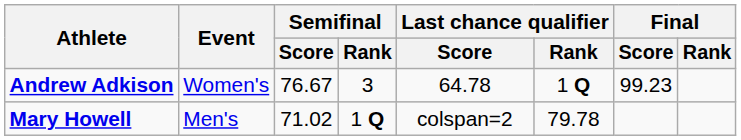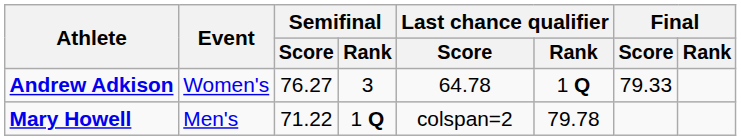 <table class=wikitable style=font-size:90%;text-align:center>
 <tr>
 <th rowspan=2>Athlete</th>
 <th rowspan=2>Event</th>
 <th colspan=2>Semifinal</th>
 <th colspan=2>Last chance qualifier</th>
 <th colspan=2>Final</th>
 </tr>
 <tr style=font-size:95%>
 <th>Score</th>
 <th>Rank</th>
 <th>Score</th>
 <th>Rank</th>
 <th>Score</th>
 <th>Rank</th>
 </tr>
 <tr>
 <td align=left><strong><a href='#'>Andrew Adkison</a></strong></td>
 <td align=left><a href='#'>Women's</a></td>
-<td>76.67</td>
+<td>76.27</td>
 <td>3</td>
 <td>64.78</td>
 <td>1 <strong>Q</strong></td>
-<td>99.23</td>
+<td>79.33</td>
 <td></td>
 </tr>
 <tr>
 <td align=left><strong><a href='#'>Mary Howell</a></strong></td>
 <td align=left><a href='#'>Men's</a></td>
-<td>71.02</td>
+<td>71.22</td>
 <td>1 <strong>Q</strong></td>
 <td>colspan=2 </td>
 <td>79.78</td>
 <td></td>
 </tr>
 </table>
